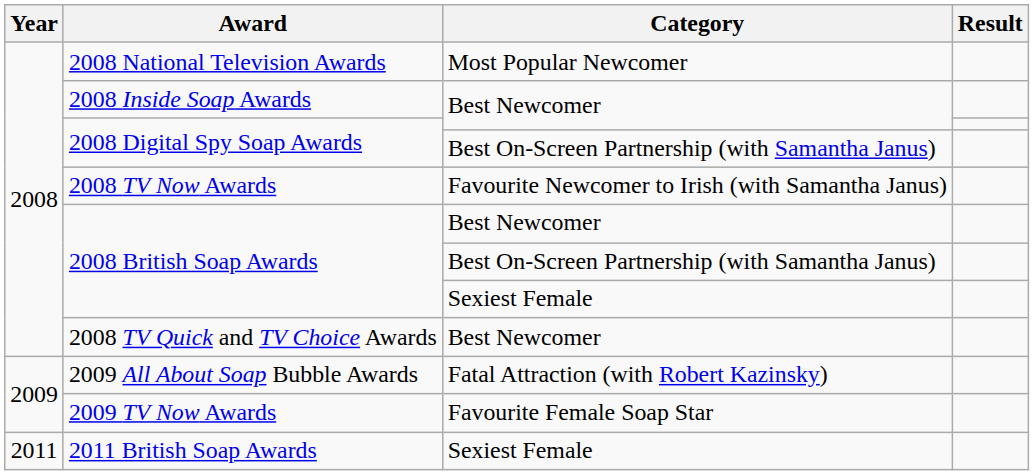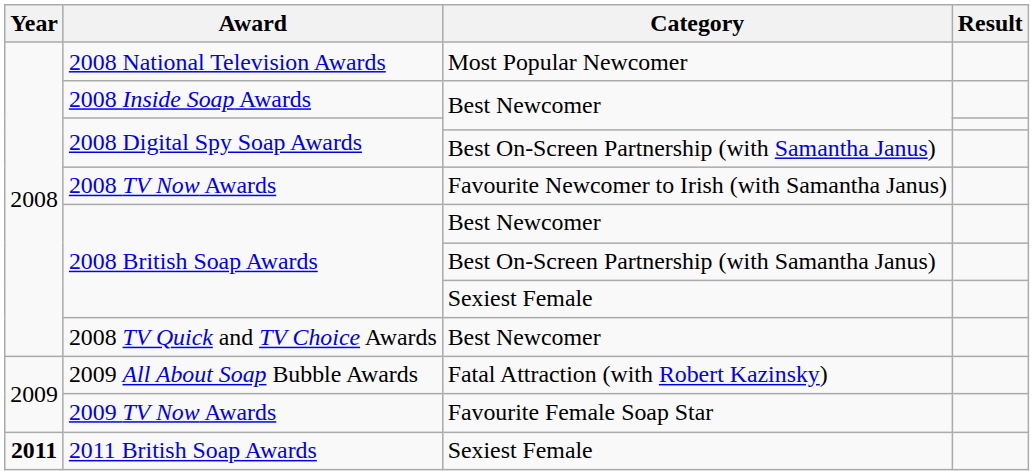 <table class="wikitable plainrowheaders">
 <tr>
 <th scope="col">Year</th>
 <th scope="col">Award</th>
 <th scope="col">Category</th>
 <th scope="col">Result</th>
 </tr>
 <tr>
 <td align="center" rowspan="9">2008</td>
 <td><a href='#'>2008 National Television Awards</a></td>
 <td>Most Popular Newcomer</td>
 <td></td>
 </tr>
 <tr>
 <td><a href='#'>2008 <em>Inside Soap</em> Awards</a></td>
 <td rowspan=2>Best Newcomer</td>
 <td></td>
 </tr>
 <tr>
 <td rowspan="2"><a href='#'>2008 Digital Spy Soap Awards</a></td>
 <td></td>
 </tr>
 <tr>
 <td>Best On-Screen Partnership (with <a href='#'>Samantha Janus</a>)</td>
 <td></td>
 </tr>
 <tr>
 <td><a href='#'>2008 <em>TV Now</em> Awards</a></td>
 <td>Favourite Newcomer to Irish (with Samantha Janus)</td>
 <td></td>
 </tr>
 <tr>
 <td rowspan="3"><a href='#'>2008 British Soap Awards</a></td>
 <td>Best Newcomer</td>
 <td></td>
 </tr>
 <tr>
 <td>Best On-Screen Partnership (with Samantha Janus)</td>
 <td></td>
 </tr>
 <tr>
 <td>Sexiest Female</td>
 <td></td>
 </tr>
 <tr>
 <td>2008 <em><a href='#'>TV Quick</a></em> and <em><a href='#'>TV Choice</a></em> Awards</td>
 <td>Best Newcomer</td>
 <td></td>
 </tr>
 <tr>
 <td rowspan="2">2009</td>
 <td>2009 <em><a href='#'>All About Soap</a></em> Bubble Awards</td>
 <td>Fatal Attraction (with <a href='#'>Robert Kazinsky</a>)</td>
 <td></td>
 </tr>
 <tr>
 <td><a href='#'>2009 <em>TV Now</em> Awards</a></td>
 <td>Favourite Female Soap Star</td>
 <td></td>
 </tr>
 <tr>
-<td align="center">2011</td>
+<td align="center"><strong>2011</strong></td>
 <td><a href='#'>2011 British Soap Awards</a></td>
 <td>Sexiest Female</td>
 <td></td>
 </tr>
 </table>
